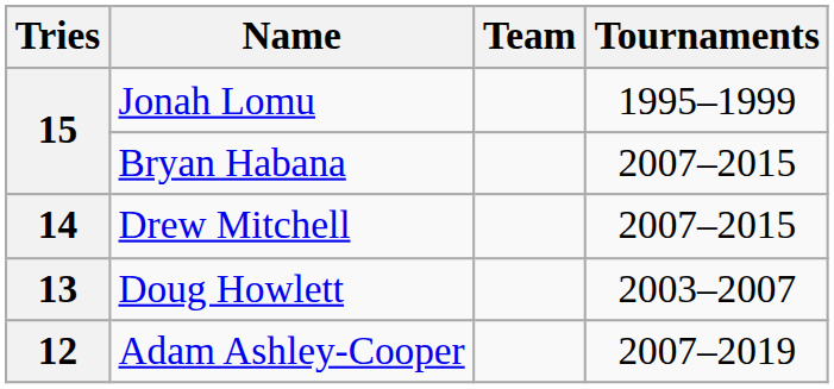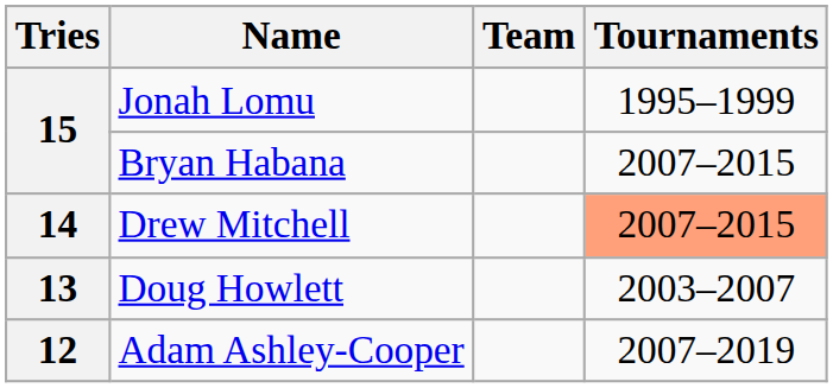 <table class="wikitable">
 <tr>
 <th>Tries</th>
 <th>Name</th>
 <th>Team</th>
 <th>Tournaments</th>
 </tr>
 <tr>
 <th rowspan="2">15</th>
 <td><a href='#'>Jonah Lomu</a></td>
 <td></td>
 <td align=center>1995–1999</td>
 </tr>
 <tr>
 <td><a href='#'>Bryan Habana</a></td>
 <td></td>
 <td align=center>2007–2015</td>
 </tr>
 <tr>
 <th>14</th>
 <td><a href='#'>Drew Mitchell</a></td>
 <td></td>
-<td align=center>2007–2015</td>
+<td align=center style="background: lightsalmon;">2007–2015</td>
 </tr>
 <tr>
 <th>13</th>
 <td><a href='#'>Doug Howlett</a></td>
 <td></td>
 <td align=center>2003–2007</td>
 </tr>
 <tr>
 <th>12</th>
 <td><a href='#'>Adam Ashley-Cooper</a></td>
 <td></td>
 <td align=center>2007–2019</td>
 </tr>
 </table>
